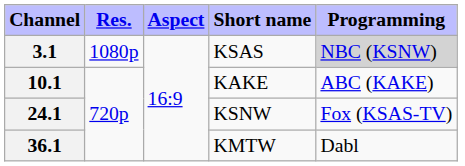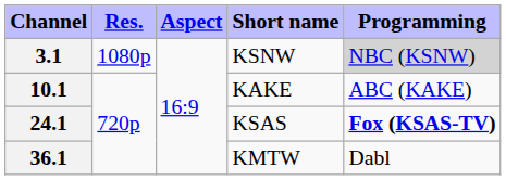 <table class="wikitable">
 <tr>
 <th style="background-color: #bdbdff" scope = "col">Channel</th>
 <th style="background-color: #bdbdff" scope = "col"><a href='#'>Res.</a></th>
 <th style="background-color: #bdbdff" scope = "col"><a href='#'>Aspect</a></th>
 <th style="background-color: #bdbdff" scope = "col">Short name</th>
 <th style="background-color: #bdbdff" scope = "col">Programming</th>
 </tr>
 <tr>
 <th scope = "row">3.1</th>
 <td><a href='#'>1080p</a></td>
 <td rowspan=4><a href='#'>16:9</a></td>
-<td>KSAS</td>
+<td>KSNW</td>
 <td style="background: lightgrey;"><a href='#'>NBC</a> (<a href='#'>KSNW</a>)</td>
 </tr>
 <tr>
 <th scope = "row">10.1</th>
 <td rowspan=3><a href='#'>720p</a></td>
 <td>KAKE</td>
 <td><a href='#'>ABC</a> (<a href='#'>KAKE</a>)</td>
 </tr>
 <tr>
 <th scope = "row">24.1</th>
-<td>KSNW</td>
-<td><a href='#'>Fox</a> (<a href='#'>KSAS-TV</a>)</td>
+<td>KSAS</td>
+<td><strong><a href='#'>Fox</a> (<a href='#'>KSAS-TV</a>)</strong></td>
 </tr>
 <tr>
 <th scope = "row">36.1</th>
 <td>KMTW</td>
 <td>Dabl</td>
 </tr>
 </table>
